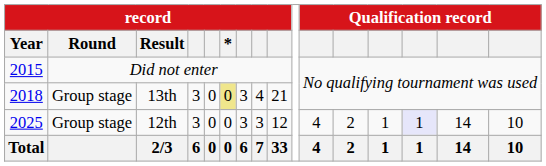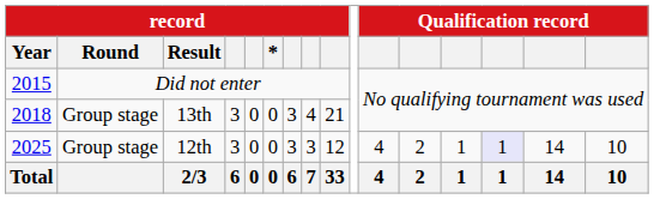 <table class="wikitable" style="text-align: center;">
 <tr>
 <th colspan="9" style="background: #D7141A; color: white;"><a href='#'></a> record</th>
 <th style="background:white" rowspan="39"></th>
 <th colspan="9" style="background: #D7141A; color: white;">Qualification record</th>
 </tr>
 <tr>
 <th>Year</th>
 <th>Round</th>
 <th>Result</th>
 <th></th>
 <th></th>
 <th>*</th>
 <th></th>
 <th></th>
 <th></th>
 <th></th>
 <th></th>
 <th></th>
 <th></th>
 <th></th>
 <th></th>
 </tr>
 <tr>
 <td> <a href='#'>2015</a></td>
 <td colspan="9"><em>Did not enter</em></td>
 <td colspan="6" rowspan="2"><em>No qualifying tournament was used</em></td>
 </tr>
 <tr>
 <td> <a href='#'>2018</a></td>
 <td>Group stage</td>
 <td>13th</td>
 <td>3</td>
 <td>0</td>
-<td style="background: khaki;">0</td>
+<td>0</td>
 <td>3</td>
 <td>4</td>
 <td>21</td>
 </tr>
 <tr>
 <td> <a href='#'>2025</a></td>
 <td>Group stage</td>
 <td>12th</td>
 <td>3</td>
 <td>0</td>
 <td>0</td>
 <td>3</td>
 <td>3</td>
 <td>12</td>
 <td>4</td>
 <td>2</td>
 <td>1</td>
 <td style="background: lavender;">1</td>
 <td>14</td>
 <td>10</td>
 </tr>
 <tr>
 <th>Total</th>
 <th></th>
 <th>2/3</th>
 <th>6</th>
 <th>0</th>
 <th>0</th>
 <th>6</th>
 <th>7</th>
 <th>33</th>
 <th>4</th>
 <th>2</th>
 <th>1</th>
 <th>1</th>
 <th>14</th>
 <th>10</th>
 </tr>
 </table>
